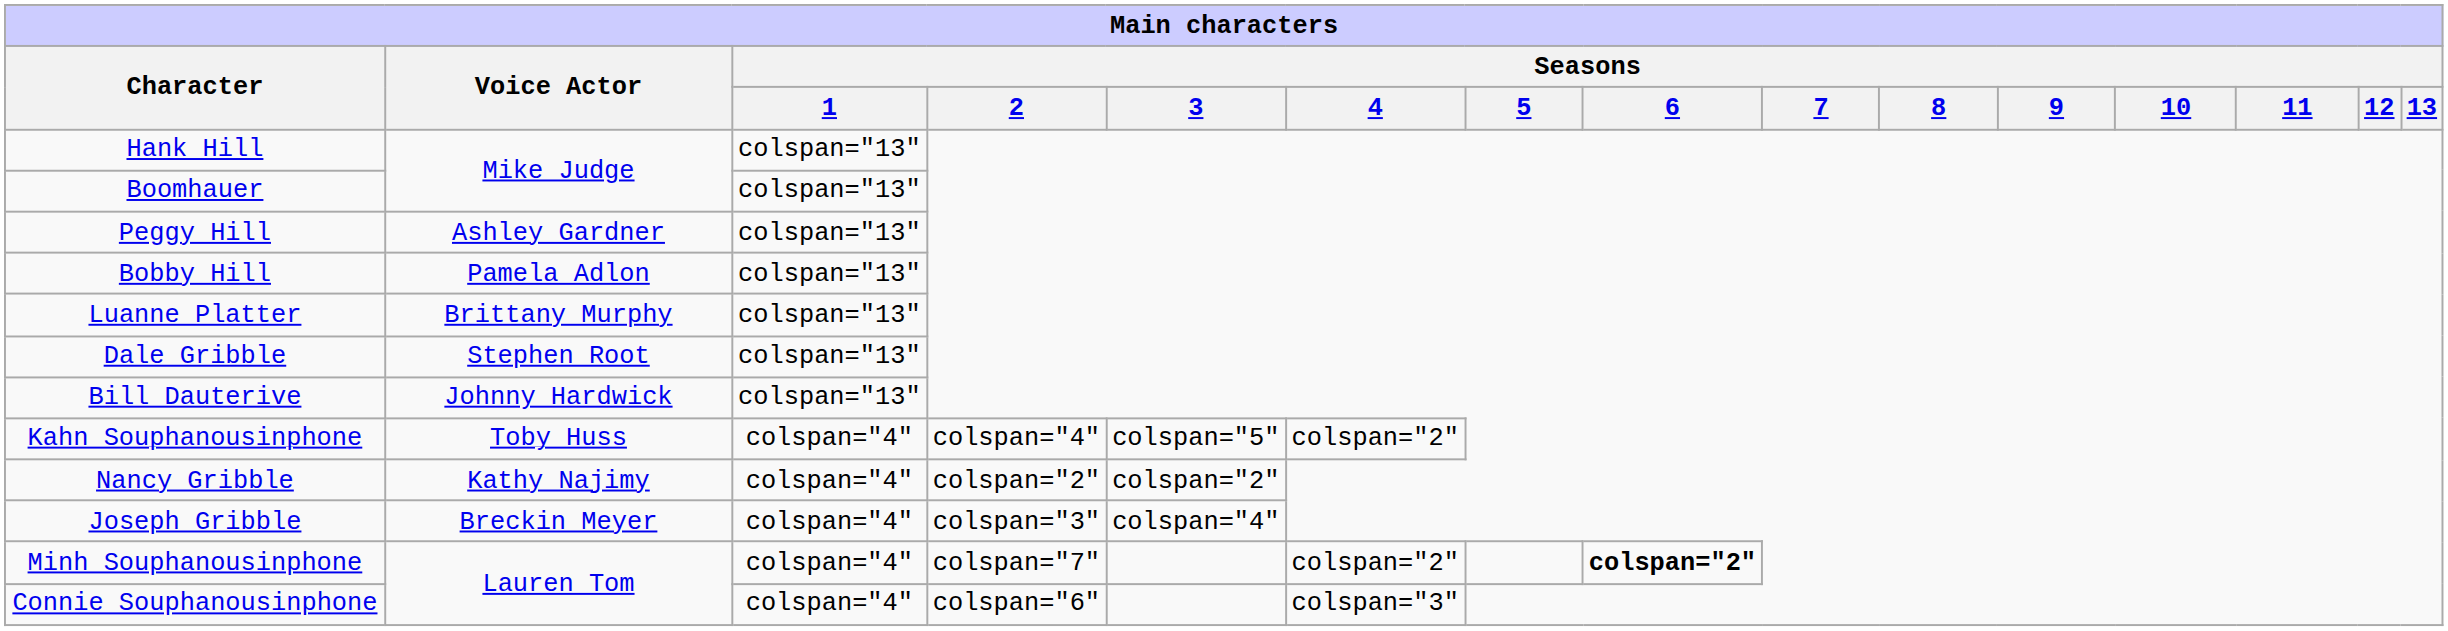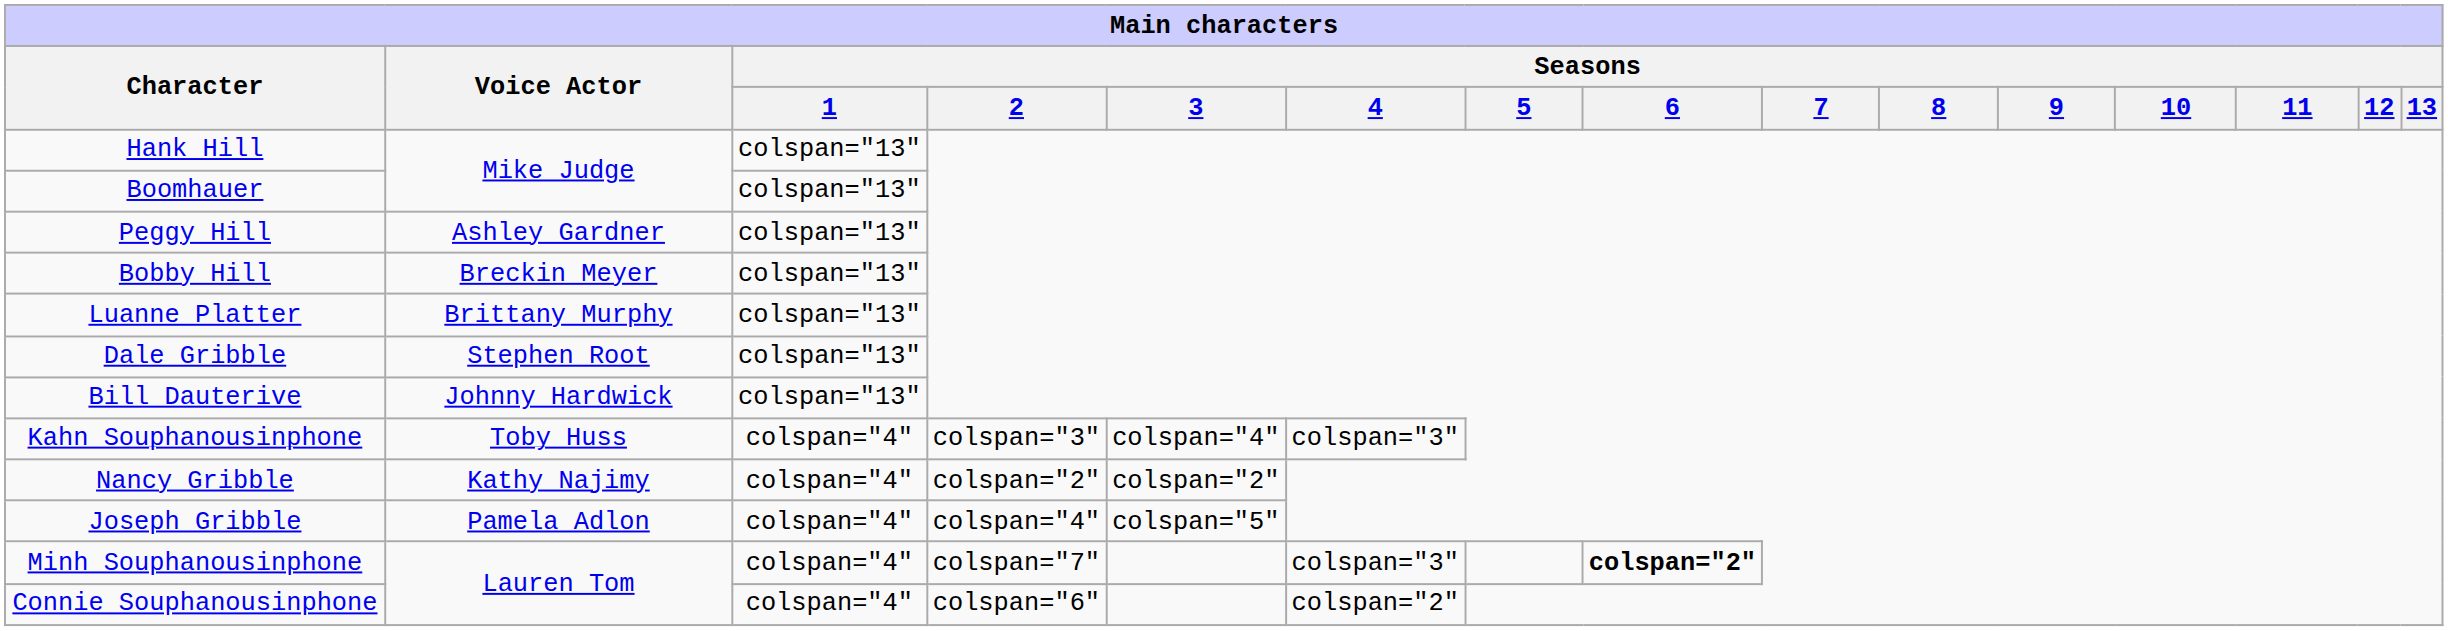 <table class="wikitable plainrowheaders" style="text-align:center; width:99%">
 <tr>
 <th colspan="15" style="background:#ccf;">Main characters</th>
 </tr>
 <tr>
 <th scope="col" rowspan="2" style="width:17%">Character</th>
 <th scope="col" rowspan="2" style="width:17%">Voice Actor</th>
 <th scope="col" colspan="13">Seasons</th>
 </tr>
 <tr>
 <th style="width:6%"><a href='#'>1</a></th>
 <th style="width:6%"><a href='#'>2</a></th>
 <th style="width:6%"><a href='#'>3</a></th>
 <th style="width:6%"><a href='#'>4</a></th>
 <th style="width:6%"><a href='#'>5</a></th>
 <th style="width:6%"><a href='#'>6</a></th>
 <th style="width:6%"><a href='#'>7</a></th>
 <th style="width:6%"><a href='#'>8</a></th>
 <th style="width:6%"><a href='#'>9</a></th>
 <th style="width:6%"><a href='#'>10</a></th>
 <th style="width:6%"><a href='#'>11</a></th>
 <th style="width:6%"><a href='#'>12</a></th>
 <th style="width:6%"><a href='#'>13</a></th>
 </tr>
 <tr>
 <td scope="row"><a href='#'>Hank Hill</a></td>
 <td rowspan="2"><a href='#'>Mike Judge</a></td>
 <td>colspan="13" </td>
 </tr>
 <tr>
 <td scope="row"><a href='#'>Boomhauer</a></td>
 <td>colspan="13" </td>
 </tr>
 <tr>
 <td scope="row"><a href='#'>Peggy Hill</a></td>
 <td><a href='#'>Ashley Gardner</a></td>
 <td>colspan="13" </td>
 </tr>
 <tr>
 <td scope="row"><a href='#'>Bobby Hill</a></td>
-<td><a href='#'>Pamela Adlon</a></td>
+<td><a href='#'>Breckin Meyer</a></td>
 <td>colspan="13" </td>
 </tr>
 <tr>
 <td scope="row"><a href='#'>Luanne Platter</a></td>
 <td><a href='#'>Brittany Murphy</a></td>
 <td>colspan="13" </td>
 </tr>
 <tr>
 <td scope="row"><a href='#'>Dale Gribble</a></td>
 <td><a href='#'>Stephen Root</a></td>
 <td>colspan="13" </td>
 </tr>
 <tr>
 <td scope="row"><a href='#'>Bill Dauterive</a></td>
 <td><a href='#'>Johnny Hardwick</a></td>
 <td>colspan="13" </td>
 </tr>
 <tr>
 <td scope="row"><a href='#'>Kahn Souphanousinphone</a></td>
 <td><a href='#'>Toby Huss</a></td>
 <td>colspan="4" </td>
+<td>colspan="3" </td>
 <td>colspan="4" </td>
-<td>colspan="5" </td>
-<td>colspan="2" </td>
+<td>colspan="3" </td>
 </tr>
 <tr>
 <td scope="row"><a href='#'>Nancy Gribble</a></td>
 <td><a href='#'>Kathy Najimy</a></td>
 <td>colspan="4" </td>
 <td>colspan="2" </td>
 <td>colspan="2" </td>
 </tr>
 <tr>
 <td scope="row"><a href='#'>Joseph Gribble</a></td>
-<td><a href='#'>Breckin Meyer</a></td>
+<td><a href='#'>Pamela Adlon</a></td>
 <td>colspan="4" </td>
-<td>colspan="3" </td>
 <td>colspan="4" </td>
+<td>colspan="5" </td>
 </tr>
 <tr>
 <td scope="row"><a href='#'>Minh Souphanousinphone</a></td>
 <td rowspan="2"><a href='#'>Lauren Tom</a></td>
 <td>colspan="4" </td>
 <td>colspan="7" </td>
 <td></td>
-<td>colspan="2" </td>
+<td>colspan="3" </td>
 <td></td>
 <td><strong>colspan="2" </strong></td>
 </tr>
 <tr>
 <td scope="row"><a href='#'>Connie Souphanousinphone</a></td>
 <td>colspan="4" </td>
 <td>colspan="6" </td>
 <td></td>
-<td>colspan="3" </td>
+<td>colspan="2" </td>
 </tr>
 </table>
